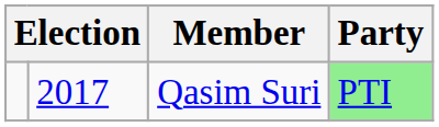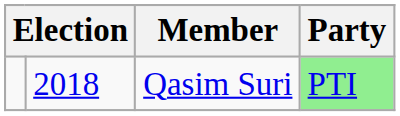 <table class="wikitable">
 <tr>
 <th colspan="2">Election</th>
 <th>Member</th>
 <th>Party</th>
 </tr>
 <tr>
 <td style="background-color: "></td>
-<td><a href='#'>2017</a></td>
+<td><a href='#'>2018</a></td>
 <td><a href='#'>Qasim Suri</a></td>
 <td style="background: lightgreen;"><a href='#'>PTI</a></td>
 </tr>
 </table>
